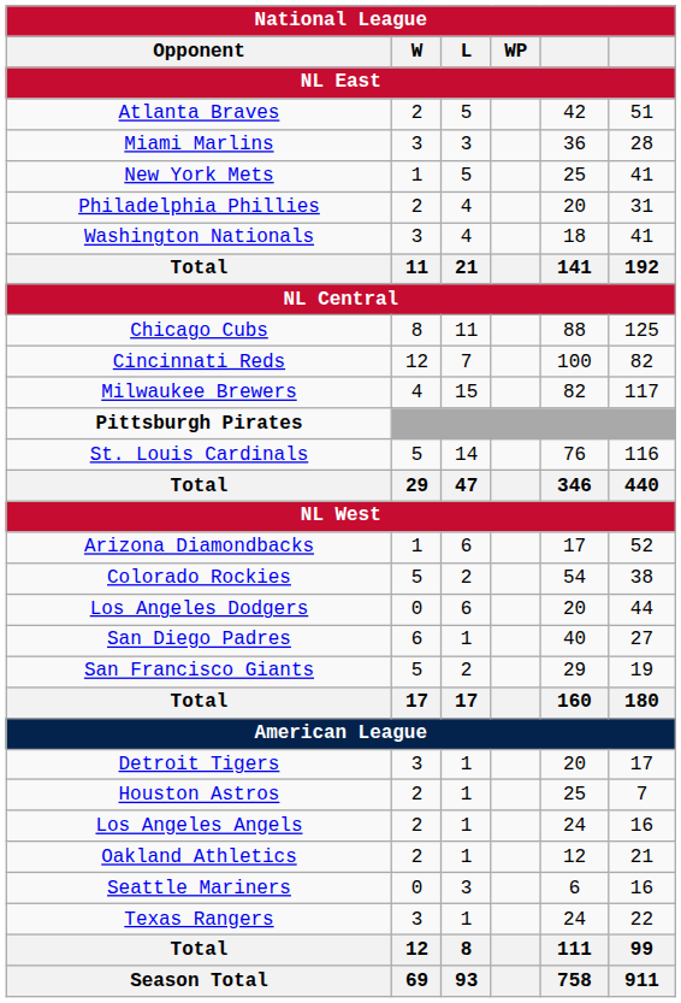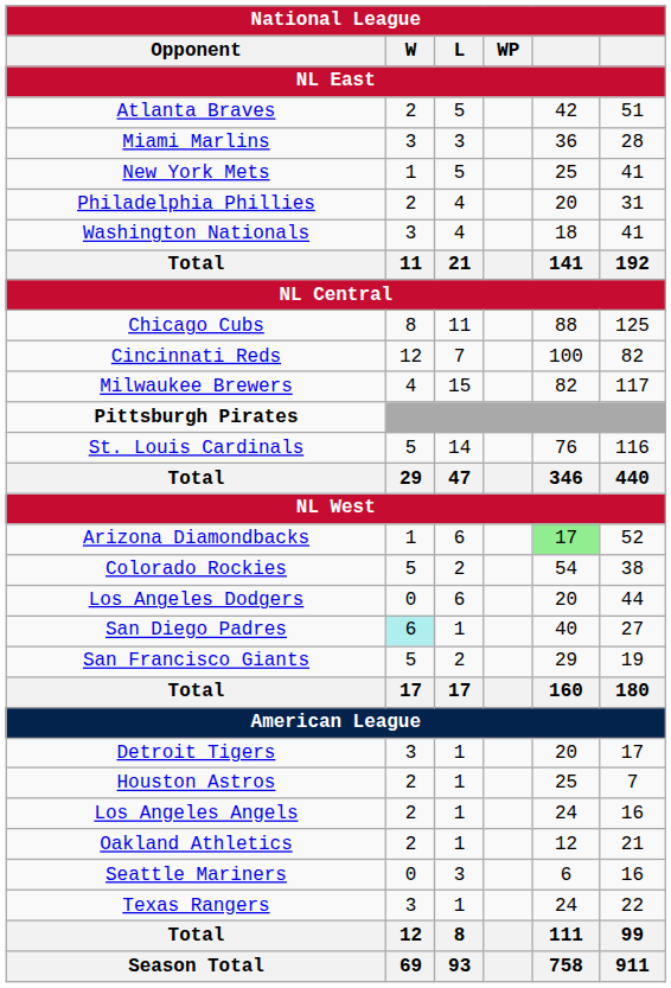 <table class="wikitable" style="margin:1em auto; font-size:95%; text-align:center; width:35em;">
 <tr>
 <th colspan="7" style="background:#c60c30; color:#ffffff;">National League</th>
 </tr>
 <tr>
 <th>Opponent</th>
 <th>W</th>
 <th>L</th>
 <th>WP</th>
 <th></th>
 <th></th>
 </tr>
 <tr>
 <th colspan="7" style="background:#c60c30; color:#ffffff;">NL East</th>
 </tr>
 <tr>
 <td><a href='#'>Atlanta Braves</a></td>
 <td>2</td>
 <td>5</td>
 <td></td>
 <td>42</td>
 <td>51</td>
 </tr>
 <tr>
 <td><a href='#'>Miami Marlins</a></td>
 <td>3</td>
 <td>3</td>
 <td></td>
 <td>36</td>
 <td>28</td>
 </tr>
 <tr>
 <td><a href='#'>New York Mets</a></td>
 <td>1</td>
 <td>5</td>
 <td></td>
 <td>25</td>
 <td>41</td>
 </tr>
 <tr>
 <td><a href='#'>Philadelphia Phillies</a></td>
 <td>2</td>
 <td>4</td>
 <td></td>
 <td>20</td>
 <td>31</td>
 </tr>
 <tr>
 <td><a href='#'>Washington Nationals</a></td>
 <td>3</td>
 <td>4</td>
 <td></td>
 <td>18</td>
 <td>41</td>
 </tr>
 <tr>
 <th>Total</th>
 <th>11</th>
 <th>21</th>
 <th></th>
 <th>141</th>
 <th>192</th>
 </tr>
 <tr>
 <th colspan="7" style="background:#c60c30; color:#ffffff;">NL Central</th>
 </tr>
 <tr>
 <td><a href='#'>Chicago Cubs</a></td>
 <td>8</td>
 <td>11</td>
 <td></td>
 <td>88</td>
 <td>125</td>
 </tr>
 <tr>
 <td><a href='#'>Cincinnati Reds</a></td>
 <td>12</td>
 <td>7</td>
 <td></td>
 <td>100</td>
 <td>82</td>
 </tr>
 <tr>
 <td><a href='#'>Milwaukee Brewers</a></td>
 <td>4</td>
 <td>15</td>
 <td></td>
 <td>82</td>
 <td>117</td>
 </tr>
 <tr>
 <td><strong>Pittsburgh Pirates</strong></td>
 <td colspan=5 style="background:darkgray;"></td>
 </tr>
 <tr>
 <td><a href='#'>St. Louis Cardinals</a></td>
 <td>5</td>
 <td>14</td>
 <td></td>
 <td>76</td>
 <td>116</td>
 </tr>
 <tr>
 <th>Total</th>
 <th>29</th>
 <th>47</th>
 <th></th>
 <th>346</th>
 <th>440</th>
 </tr>
 <tr>
 <th colspan="7" style="background:#c60c30; color:#ffffff;">NL West</th>
 </tr>
 <tr>
 <td><a href='#'>Arizona Diamondbacks</a></td>
 <td>1</td>
 <td>6</td>
 <td></td>
-<td>17</td>
+<td style="background: lightgreen;">17</td>
 <td>52</td>
 </tr>
 <tr>
 <td><a href='#'>Colorado Rockies</a></td>
 <td>5</td>
 <td>2</td>
 <td></td>
 <td>54</td>
 <td>38</td>
 </tr>
 <tr>
 <td><a href='#'>Los Angeles Dodgers</a></td>
 <td>0</td>
 <td>6</td>
 <td></td>
 <td>20</td>
 <td>44</td>
 </tr>
 <tr>
 <td><a href='#'>San Diego Padres</a></td>
-<td>6</td>
+<td style="background: paleturquoise;">6</td>
 <td>1</td>
 <td></td>
 <td>40</td>
 <td>27</td>
 </tr>
 <tr>
 <td><a href='#'>San Francisco Giants</a></td>
 <td>5</td>
 <td>2</td>
 <td></td>
 <td>29</td>
 <td>19</td>
 </tr>
 <tr>
 <th>Total</th>
 <th>17</th>
 <th>17</th>
 <th></th>
 <th>160</th>
 <th>180</th>
 </tr>
 <tr>
 <th colspan="7" style="background:#03224c; color:#ffffff;">American League</th>
 </tr>
 <tr>
 <td><a href='#'>Detroit Tigers</a></td>
 <td>3</td>
 <td>1</td>
 <td></td>
 <td>20</td>
 <td>17</td>
 </tr>
 <tr>
 <td><a href='#'>Houston Astros</a></td>
 <td>2</td>
 <td>1</td>
 <td></td>
 <td>25</td>
 <td>7</td>
 </tr>
 <tr>
 <td><a href='#'>Los Angeles Angels</a></td>
 <td>2</td>
 <td>1</td>
 <td></td>
 <td>24</td>
 <td>16</td>
 </tr>
 <tr>
 <td><a href='#'>Oakland Athletics</a></td>
 <td>2</td>
 <td>1</td>
 <td></td>
 <td>12</td>
 <td>21</td>
 </tr>
 <tr>
 <td><a href='#'>Seattle Mariners</a></td>
 <td>0</td>
 <td>3</td>
 <td></td>
 <td>6</td>
 <td>16</td>
 </tr>
 <tr>
 <td><a href='#'>Texas Rangers</a></td>
 <td>3</td>
 <td>1</td>
 <td></td>
 <td>24</td>
 <td>22</td>
 </tr>
 <tr>
 <th>Total</th>
 <th>12</th>
 <th>8</th>
 <th></th>
 <th>111</th>
 <th>99</th>
 </tr>
 <tr>
 <th>Season Total</th>
 <th>69</th>
 <th>93</th>
 <th></th>
 <th>758</th>
 <th>911</th>
 </tr>
 </table>
